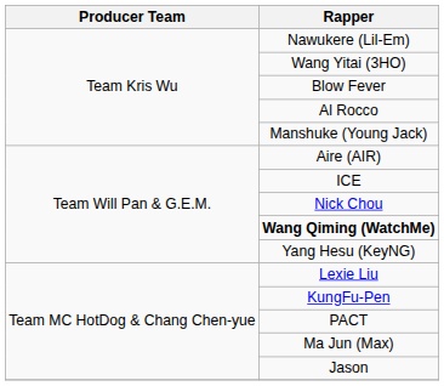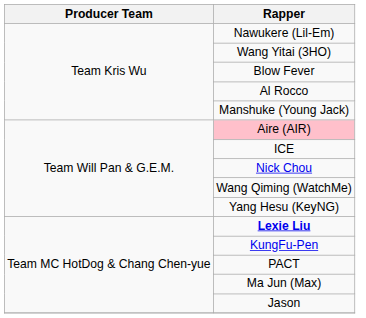 <table class="wikitable" style="text-align:center" border="2">
 <tr>
 <th>Producer Team</th>
 <th>Rapper</th>
 </tr>
 <tr>
 <td rowspan="5">Team Kris Wu</td>
 <td>Nawukere (Lil-Em)</td>
 </tr>
 <tr>
 <td>Wang Yitai (3HO)</td>
 </tr>
 <tr>
 <td>Blow Fever</td>
 </tr>
 <tr>
 <td>Al Rocco</td>
 </tr>
 <tr>
 <td>Manshuke (Young Jack)</td>
 </tr>
 <tr>
 <td rowspan="5">Team Will Pan & G.E.M.</td>
-<td>Aire (AIR)</td>
+<td style="background: pink;">Aire (AIR)</td>
 </tr>
 <tr>
 <td>ICE</td>
 </tr>
 <tr>
 <td><a href='#'>Nick Chou</a></td>
 </tr>
 <tr>
-<td><strong>Wang Qiming (WatchMe)</strong></td>
+<td>Wang Qiming (WatchMe)</td>
 </tr>
 <tr>
 <td>Yang Hesu (KeyNG)</td>
 </tr>
 <tr>
 <td rowspan="5">Team MC HotDog & Chang Chen-yue</td>
-<td><a href='#'>Lexie Liu</a></td>
+<td><strong><a href='#'>Lexie Liu</a></strong></td>
 </tr>
 <tr>
 <td><a href='#'>KungFu-Pen</a></td>
 </tr>
 <tr>
 <td>PACT</td>
 </tr>
 <tr>
 <td>Ma Jun (Max)</td>
 </tr>
 <tr>
 <td>Jason</td>
 </tr>
 <tr>
 </tr>
 </table>
